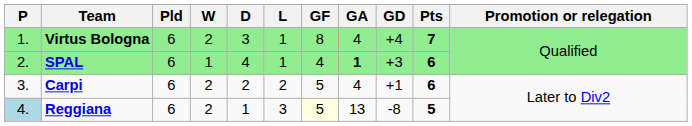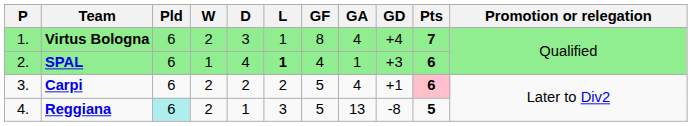 <table class="wikitable sortable" style="text-align: center;">
 <tr>
 <th width=33>P<br></th>
 <th>Team<br></th>
 <th width=33>Pld<br></th>
 <th width=33>W<br></th>
 <th width=33>D<br></th>
 <th width=33>L<br></th>
 <th width=33>GF<br></th>
 <th width=33>GA<br></th>
 <th width=33>GD<br></th>
 <th width=33>Pts<br></th>
 <th class="unsortable" width=250>Promotion or relegation<br></th>
 </tr>
 <tr style="background: #90EE90;">
 <td>1.</td>
 <td align="left"><strong>Virtus Bologna</strong></td>
 <td>6</td>
 <td>2</td>
 <td>3</td>
 <td>1</td>
 <td>8</td>
 <td>4</td>
 <td>+4</td>
 <td><strong>7</strong></td>
 <td rowspan="2">Qualified</td>
 </tr>
 <tr style="background: #90EE90;">
 <td>2.</td>
 <td align="left"><strong><a href='#'>SPAL</a></strong></td>
 <td>6</td>
 <td>1</td>
 <td>4</td>
+<td><strong>1</strong></td>
+<td>4</td>
 <td>1</td>
-<td>4</td>
-<td><strong>1</strong></td>
 <td>+3</td>
 <td><strong>6</strong></td>
 </tr>
 <tr>
 <td>3.</td>
 <td align="left"><strong><a href='#'>Carpi</a></strong></td>
 <td>6</td>
 <td>2</td>
 <td>2</td>
 <td>2</td>
 <td>5</td>
 <td>4</td>
 <td>+1</td>
-<td><strong>6</strong></td>
+<td style="background: pink;"><strong>6</strong></td>
 <td rowspan=2>Later to <a href='#'>Div2</a></td>
 </tr>
 <tr>
-<td style="background: lightblue;">4.</td>
+<td>4.</td>
 <td align="left"><strong><a href='#'>Reggiana</a></strong></td>
-<td>6</td>
+<td style="background: paleturquoise;">6</td>
 <td>2</td>
 <td>1</td>
 <td>3</td>
-<td style="background: lightyellow;">5</td>
+<td>5</td>
 <td>13</td>
 <td>-8</td>
 <td><strong>5</strong></td>
 </tr>
 </table>
